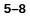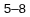 <table style="text-align:center">
 <tr>
 <th width=200></th>
 <th width=100></th>
 <th width=200></th>
 </tr>
 <tr>
 <td align=right></td>
-<td><strong>5–8</strong></td>
+<td>5–8</td>
 <td align=left><strong></strong></td>
 </tr>
 </table>
